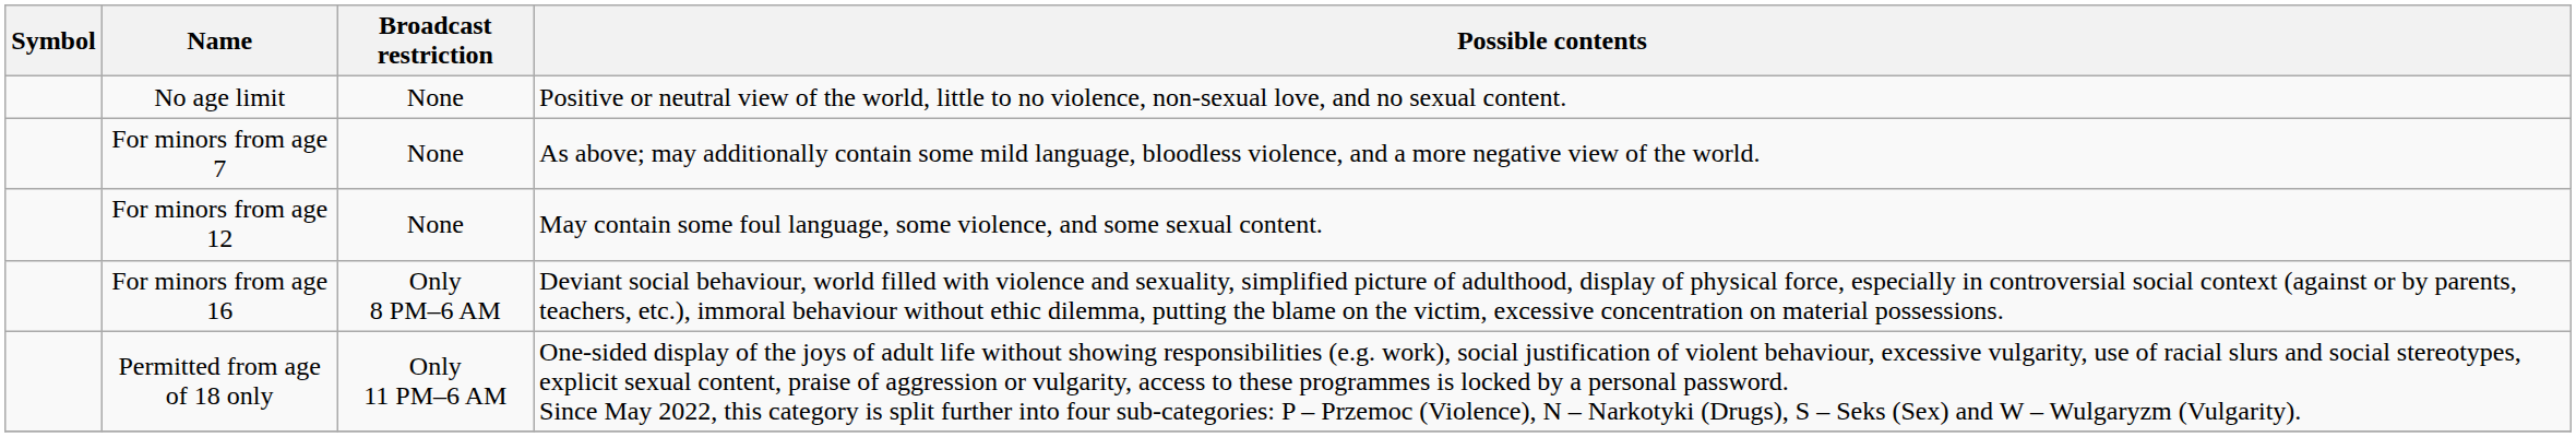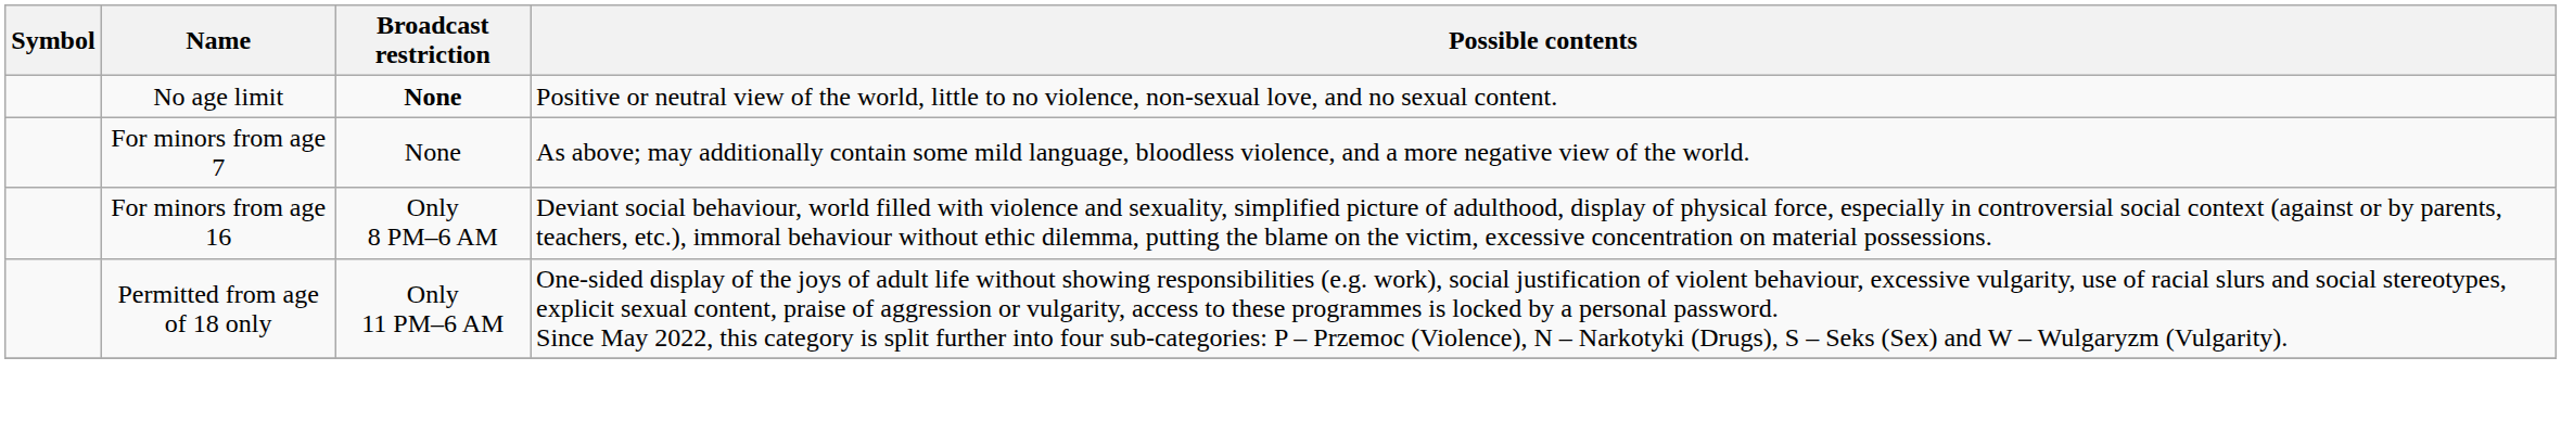 <table class="wikitable">
 <tr>
 <th>Symbol</th>
 <th>Name</th>
 <th>Broadcast restriction</th>
 <th>Possible contents</th>
 </tr>
 <tr>
 <td></td>
 <td style="text-align:center">No age limit</td>
-<td style="text-align:center">None</td>
+<td style="text-align:center"><strong>None</strong></td>
 <td>Positive or neutral view of the world, little to no violence, non-sexual love, and no sexual content.</td>
 </tr>
 <tr>
 <td></td>
 <td style="text-align:center">For minors from age 7</td>
 <td style="text-align:center">None</td>
 <td>As above; may additionally contain some mild language, bloodless violence, and a more negative view of the world.</td>
-</tr>
-<tr>
-<td></td>
-<td style="text-align:center">For minors from age 12</td>
-<td style="text-align:center">None</td>
-<td>May contain some foul language, some violence, and some sexual content.</td>
 </tr>
 <tr>
 <td></td>
 <td style="text-align:center">For minors from age 16</td>
 <td style="text-align:center">Only<br>8 PM–6 AM</td>
 <td>Deviant social behaviour, world filled with violence and sexuality, simplified picture of adulthood, display of physical force, especially in controversial social context (against or by parents, teachers, etc.), immoral behaviour without ethic dilemma, putting the blame on the victim, excessive concentration on material possessions.</td>
 </tr>
 <tr>
 <td></td>
 <td style="text-align:center">Permitted from age of 18 only</td>
 <td style="text-align:center">Only<br>11 PM–6 AM</td>
 <td>One-sided display of the joys of adult life without showing responsibilities (e.g. work), social justification of violent behaviour, excessive vulgarity, use of racial slurs and social stereotypes, explicit sexual content, praise of aggression or vulgarity, access to these programmes is locked by a personal password.<br>Since May 2022, this category is split further into four sub-categories: P – Przemoc (Violence), N – Narkotyki (Drugs), S – Seks (Sex) and W – Wulgaryzm (Vulgarity).</td>
 </tr>
 <tr>
 </tr>
 </table>
